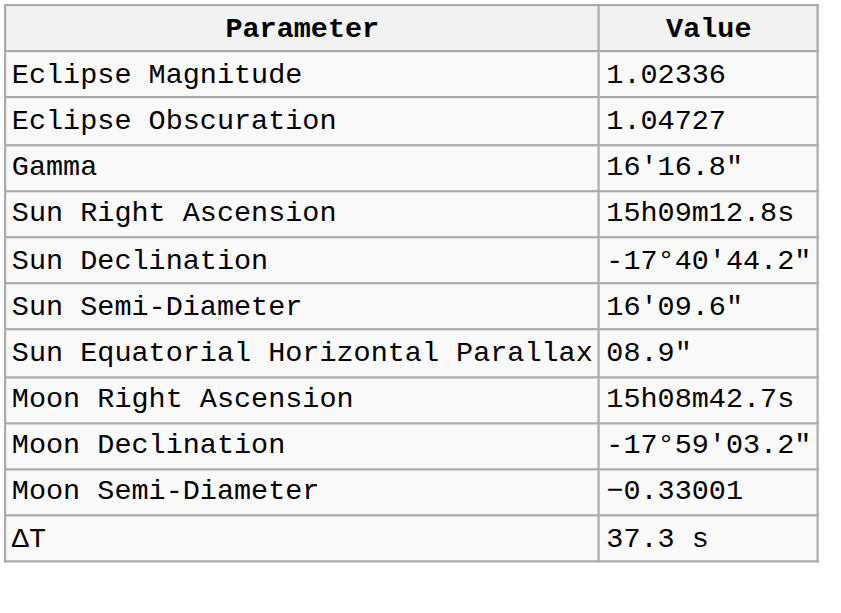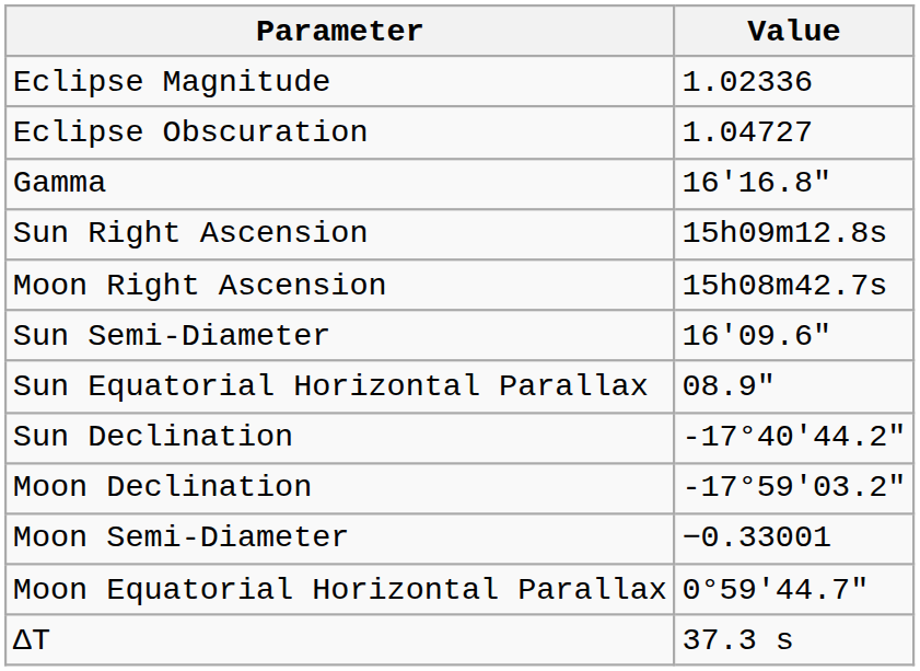 <table class="wikitable">
 <tr>
 <th>Parameter</th>
 <th>Value</th>
 </tr>
 <tr>
 <td>Eclipse Magnitude</td>
 <td>1.02336</td>
 </tr>
 <tr>
 <td>Eclipse Obscuration</td>
 <td>1.04727</td>
 </tr>
 <tr>
 <td>Gamma</td>
 <td>16'16.8"</td>
 </tr>
 <tr>
 <td>Sun Right Ascension</td>
 <td>15h09m12.8s</td>
 </tr>
 <tr>
-<td>Sun Declination</td>
-<td>-17°40'44.2"</td>
+<td>Moon Right Ascension</td>
+<td>15h08m42.7s</td>
 </tr>
 <tr>
 <td>Sun Semi-Diameter</td>
 <td>16'09.6"</td>
 </tr>
 <tr>
 <td>Sun Equatorial Horizontal Parallax</td>
 <td>08.9"</td>
 </tr>
 <tr>
-<td>Moon Right Ascension</td>
-<td>15h08m42.7s</td>
+<td>Sun Declination</td>
+<td>-17°40'44.2"</td>
 </tr>
 <tr>
 <td>Moon Declination</td>
 <td>-17°59'03.2"</td>
 </tr>
 <tr>
 <td>Moon Semi-Diameter</td>
 <td>−0.33001</td>
 </tr>
 <tr>
+<td>Moon Equatorial Horizontal Parallax</td>
+<td>0°59'44.7"</td>
+</tr>
+<tr>
 <td>ΔT</td>
 <td>37.3 s</td>
 </tr>
 </table>
